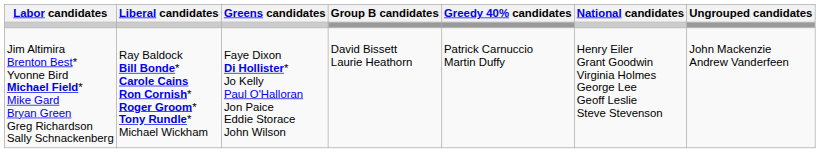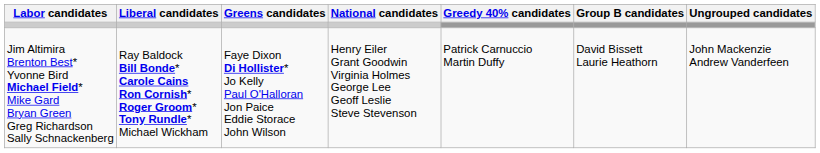 <table class="wikitable">
 <tr>
 <th><a href='#'>Labor</a> candidates</th>
 <th><a href='#'>Liberal</a> candidates</th>
 <th><a href='#'>Greens</a> candidates</th>
+<th><a href='#'>National</a> candidates</th>
+<th><a href='#'>Greedy 40%</a> candidates</th>
 <th>Group B candidates</th>
-<th><a href='#'>Greedy 40%</a> candidates</th>
-<th><a href='#'>National</a> candidates</th>
 <th>Ungrouped candidates</th>
 </tr>
 <tr bgcolor="#cccccc">
 <td></td>
 <td></td>
 <td></td>
+<td></td>
 <td bgcolor="#999999"></td>
 <td bgcolor="#999999"></td>
-<td></td>
 <td bgcolor="#999999"></td>
 </tr>
 <tr>
 <td><br>Jim Altimira<br> <a href='#'>Brenton Best</a>*<br> Yvonne Bird<br> <strong><a href='#'>Michael Field</a></strong>*<br> <a href='#'>Mike Gard</a><br> <a href='#'>Bryan Green</a><br> Greg Richardson<br> Sally Schnackenberg</td>
 <td><br>Ray Baldock<br> <strong><a href='#'>Bill Bonde</a></strong>*<br> <strong><a href='#'>Carole Cains</a></strong><br> <strong><a href='#'>Ron Cornish</a></strong>*<br> <strong><a href='#'>Roger Groom</a></strong>*<br> <strong><a href='#'>Tony Rundle</a></strong>*<br> Michael Wickham</td>
 <td><br>Faye Dixon<br> <strong><a href='#'>Di Hollister</a></strong>*<br> Jo Kelly<br> <a href='#'>Paul O'Halloran</a><br> Jon Paice<br> Eddie Storace<br> John Wilson</td>
+<td valign=top><br>Henry Eiler<br> Grant Goodwin<br> Virginia Holmes<br> George Lee<br> Geoff Leslie<br> Steve Stevenson</td>
+<td valign=top><br>Patrick Carnuccio<br> Martin Duffy</td>
 <td valign=top><br>David Bissett<br> Laurie Heathorn</td>
-<td valign=top><br>Patrick Carnuccio<br> Martin Duffy</td>
-<td valign=top><br>Henry Eiler<br> Grant Goodwin<br> Virginia Holmes<br> George Lee<br> Geoff Leslie<br> Steve Stevenson</td>
 <td valign=top><br>John Mackenzie<br> Andrew Vanderfeen</td>
 </tr>
 </table>
